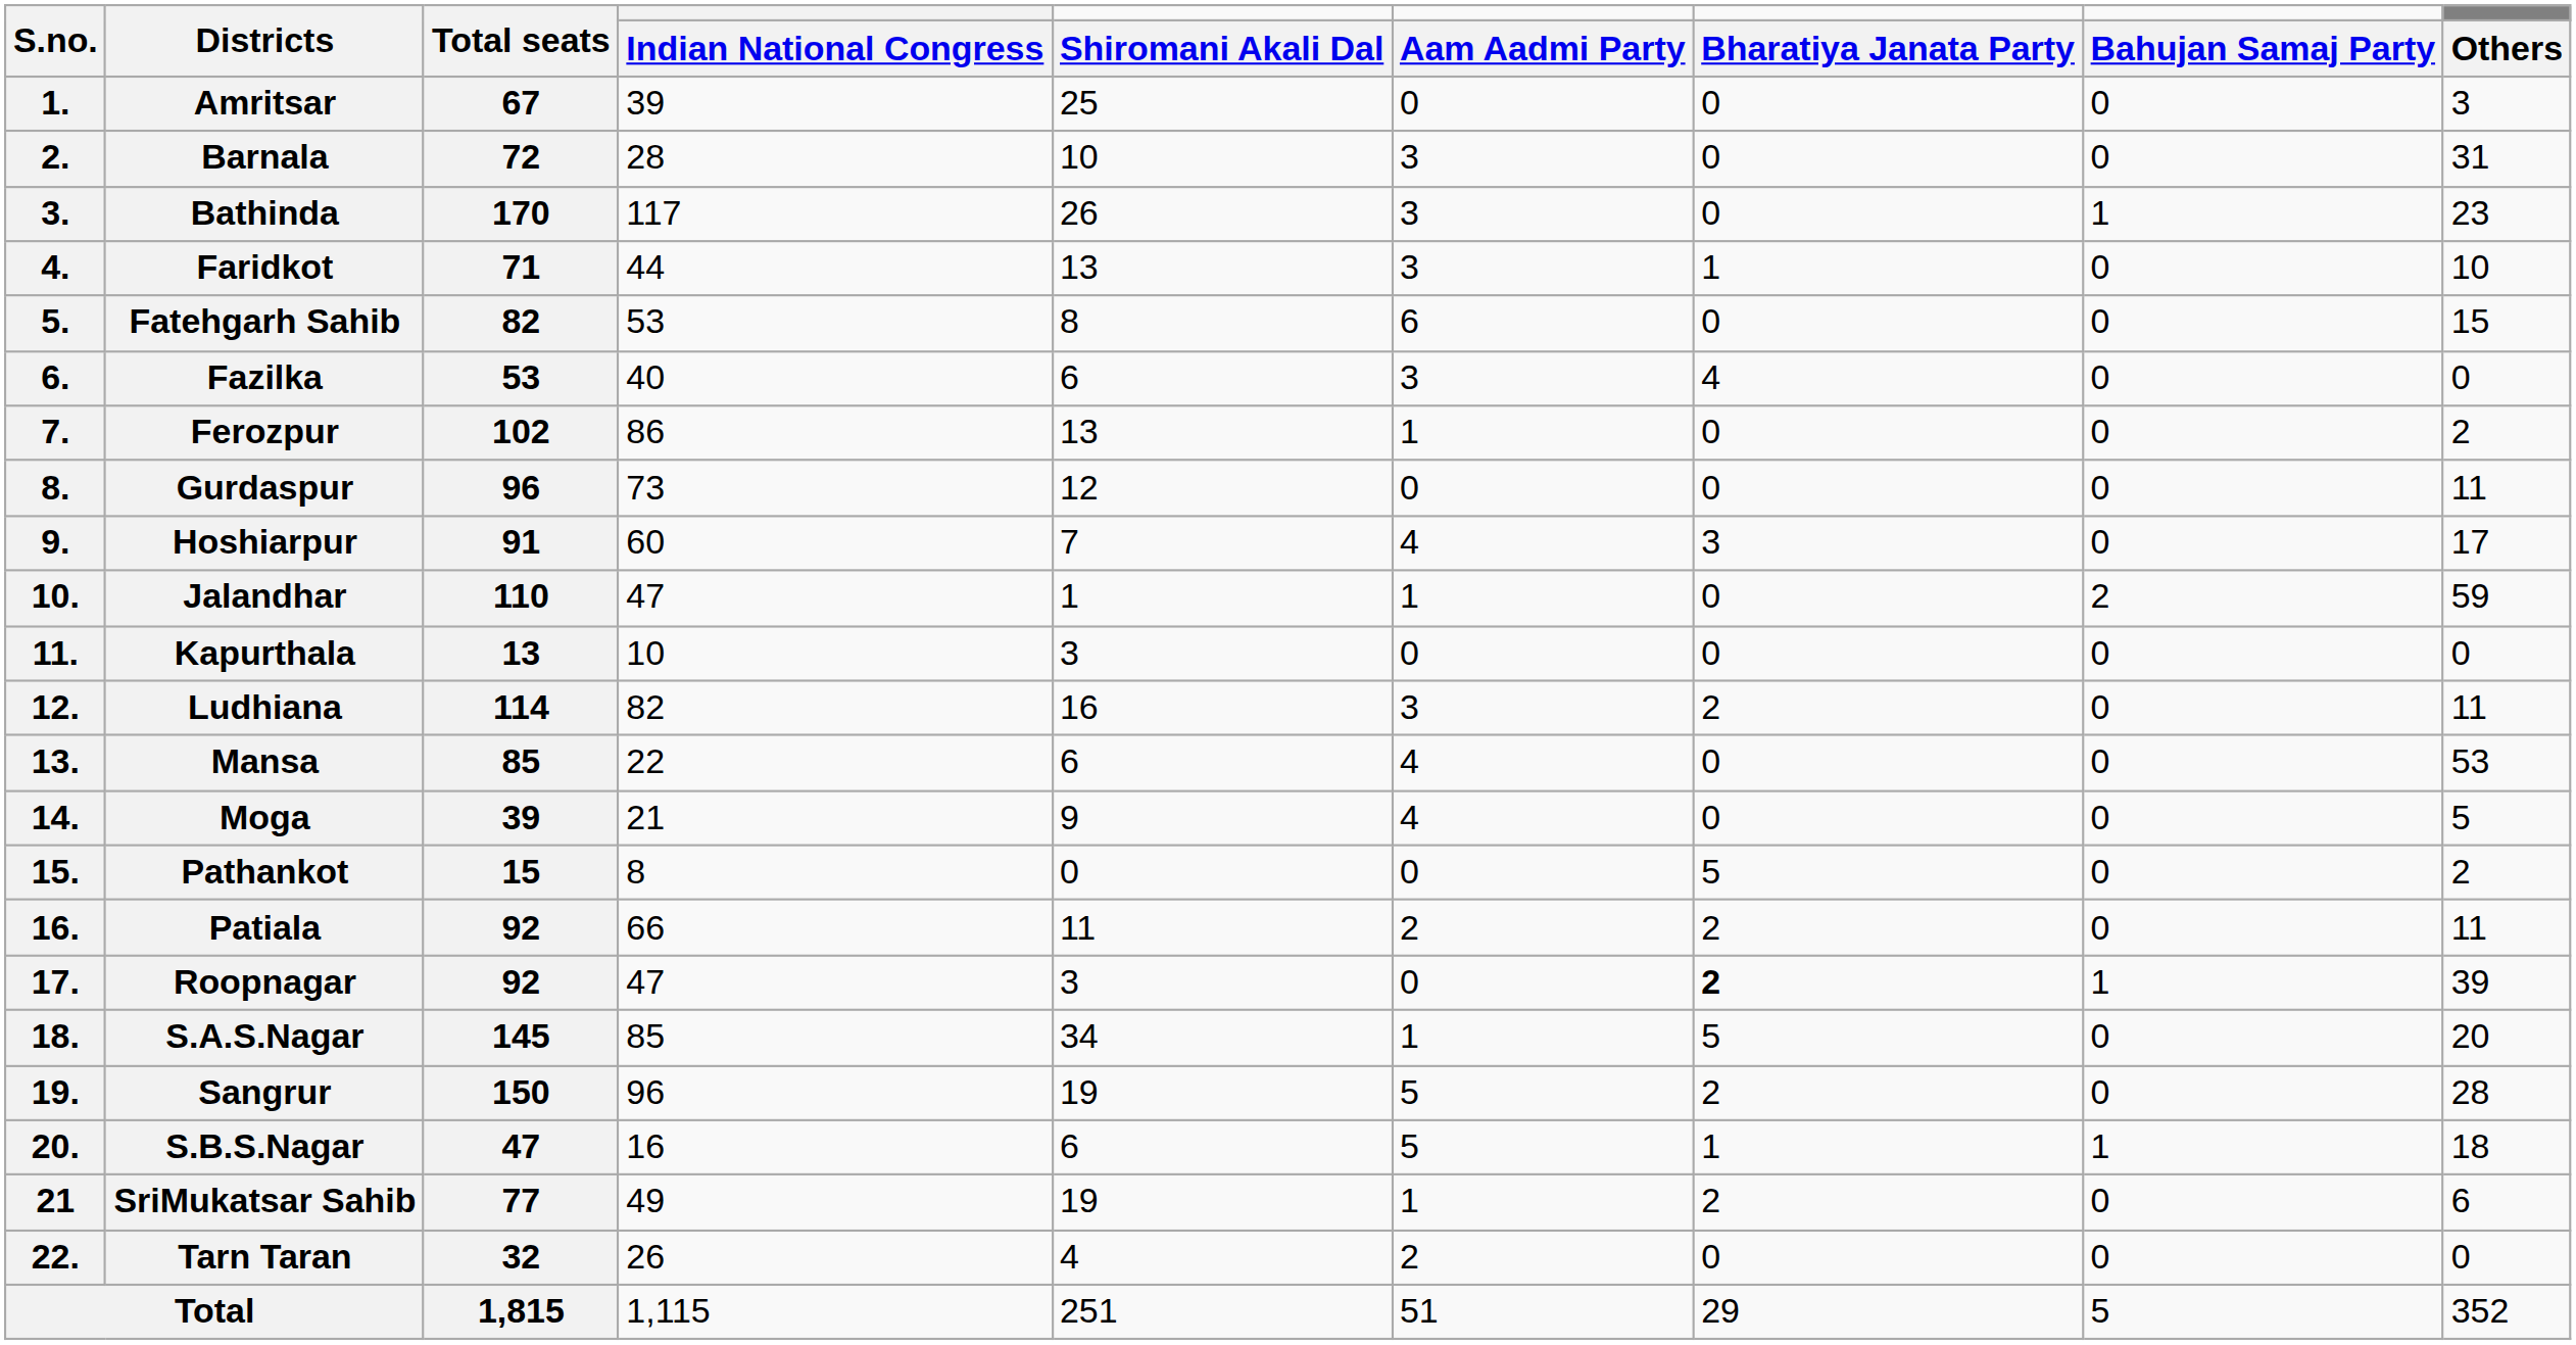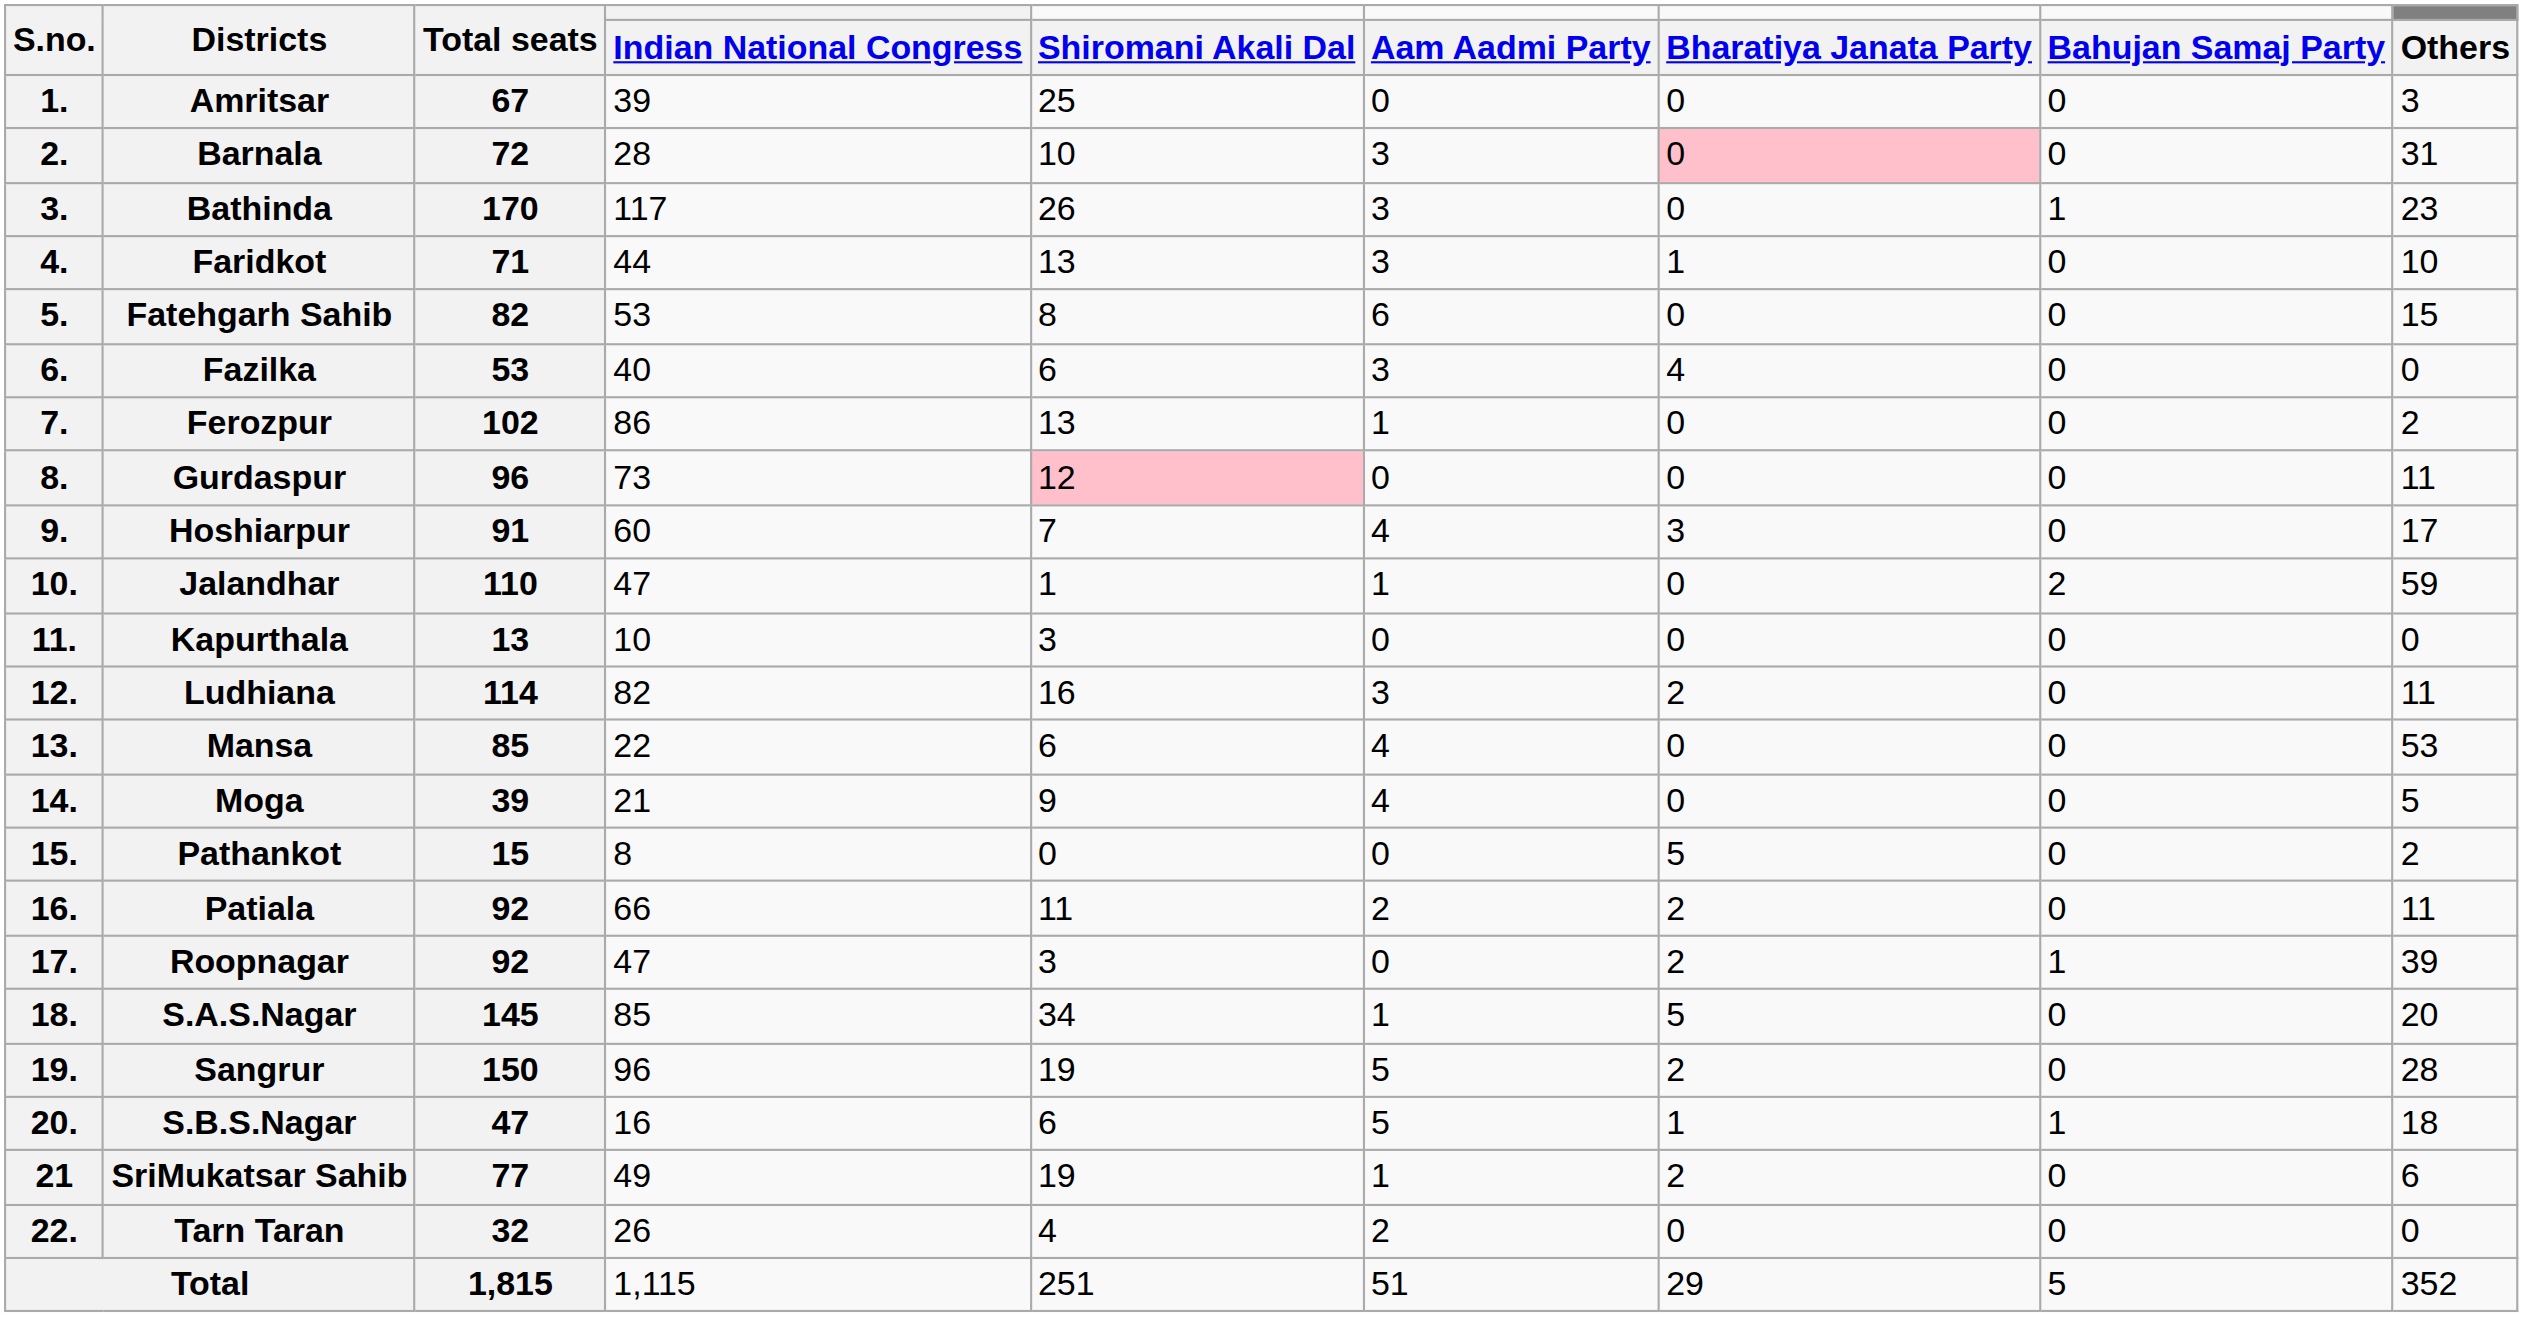 <table class="wikitable sortable">
 <tr>
 <th rowspan="2">S.no.</th>
 <th rowspan="2">Districts</th>
 <th rowspan="2">Total seats</th>
 <th style="background:"></th>
 <td style="background:"></td>
 <td style="background:"></td>
 <td style="background:"></td>
 <td style="background:"></td>
 <td style="background:grey"></td>
 </tr>
 <tr>
 <th> <a href='#'>Indian National Congress</a></th>
 <th> <a href='#'>Shiromani Akali Dal</a></th>
 <th> <a href='#'>Aam Aadmi Party</a></th>
 <th> <a href='#'>Bharatiya Janata Party</a></th>
 <th><a href='#'>Bahujan Samaj Party</a></th>
 <th>Others</th>
 </tr>
 <tr>
 <th>1.</th>
 <th>Amritsar</th>
 <th>67</th>
 <td>39</td>
 <td>25</td>
 <td>0</td>
 <td>0</td>
 <td>0</td>
 <td>3</td>
 </tr>
 <tr>
 <th>2.</th>
 <th>Barnala</th>
 <th>72</th>
 <td>28</td>
 <td>10</td>
 <td>3</td>
-<td>0</td>
+<td style="background: pink;">0</td>
 <td>0</td>
 <td>31</td>
 </tr>
 <tr>
 <th>3.</th>
 <th>Bathinda</th>
 <th>170</th>
 <td>117</td>
 <td>26</td>
 <td>3</td>
 <td>0</td>
 <td>1</td>
 <td>23</td>
 </tr>
 <tr>
 <th>4.</th>
 <th>Faridkot</th>
 <th>71</th>
 <td>44</td>
 <td>13</td>
 <td>3</td>
 <td>1</td>
 <td>0</td>
 <td>10</td>
 </tr>
 <tr>
 <th>5.</th>
 <th>Fatehgarh Sahib</th>
 <th>82</th>
 <td>53</td>
 <td>8</td>
 <td>6</td>
 <td>0</td>
 <td>0</td>
 <td>15</td>
 </tr>
 <tr>
 <th>6.</th>
 <th>Fazilka</th>
 <th>53</th>
 <td>40</td>
 <td>6</td>
 <td>3</td>
 <td>4</td>
 <td>0</td>
 <td>0</td>
 </tr>
 <tr>
 <th>7.</th>
 <th>Ferozpur</th>
 <th>102</th>
 <td>86</td>
 <td>13</td>
 <td>1</td>
 <td>0</td>
 <td>0</td>
 <td>2</td>
 </tr>
 <tr>
 <th>8.</th>
 <th>Gurdaspur</th>
 <th>96</th>
 <td>73</td>
-<td>12</td>
+<td style="background: pink;">12</td>
 <td>0</td>
 <td>0</td>
 <td>0</td>
 <td>11</td>
 </tr>
 <tr>
 <th>9.</th>
 <th>Hoshiarpur</th>
 <th>91</th>
 <td>60</td>
 <td>7</td>
 <td>4</td>
 <td>3</td>
 <td>0</td>
 <td>17</td>
 </tr>
 <tr>
 <th>10.</th>
 <th>Jalandhar</th>
 <th>110</th>
 <td>47</td>
 <td>1</td>
 <td>1</td>
 <td>0</td>
 <td>2</td>
 <td>59</td>
 </tr>
 <tr>
 <th>11.</th>
 <th>Kapurthala</th>
 <th>13</th>
 <td>10</td>
 <td>3</td>
 <td>0</td>
 <td>0</td>
 <td>0</td>
 <td>0</td>
 </tr>
 <tr>
 <th>12.</th>
 <th>Ludhiana</th>
 <th>114</th>
 <td>82</td>
 <td>16</td>
 <td>3</td>
 <td>2</td>
 <td>0</td>
 <td>11</td>
 </tr>
 <tr>
 <th>13.</th>
 <th>Mansa</th>
 <th>85</th>
 <td>22</td>
 <td>6</td>
 <td>4</td>
 <td>0</td>
 <td>0</td>
 <td>53</td>
 </tr>
 <tr>
 <th>14.</th>
 <th>Moga</th>
 <th>39</th>
 <td>21</td>
 <td>9</td>
 <td>4</td>
 <td>0</td>
 <td>0</td>
 <td>5</td>
 </tr>
 <tr>
 <th>15.</th>
 <th>Pathankot</th>
 <th>15</th>
 <td>8</td>
 <td>0</td>
 <td>0</td>
 <td>5</td>
 <td>0</td>
 <td>2</td>
 </tr>
 <tr>
 <th>16.</th>
 <th>Patiala</th>
 <th>92</th>
 <td>66</td>
 <td>11</td>
 <td>2</td>
 <td>2</td>
 <td>0</td>
 <td>11</td>
 </tr>
 <tr>
 <th>17.</th>
 <th>Roopnagar</th>
 <th>92</th>
 <td>47</td>
 <td>3</td>
 <td>0</td>
-<td><strong>2</strong></td>
+<td>2</td>
 <td>1</td>
 <td>39</td>
 </tr>
 <tr>
 <th>18.</th>
 <th>S.A.S.Nagar</th>
 <th>145</th>
 <td>85</td>
 <td>34</td>
 <td>1</td>
 <td>5</td>
 <td>0</td>
 <td>20</td>
 </tr>
 <tr>
 <th>19.</th>
 <th>Sangrur</th>
 <th>150</th>
 <td>96</td>
 <td>19</td>
 <td>5</td>
 <td>2</td>
 <td>0</td>
 <td>28</td>
 </tr>
 <tr>
 <th>20.</th>
 <th>S.B.S.Nagar</th>
 <th>47</th>
 <td>16</td>
 <td>6</td>
 <td>5</td>
 <td>1</td>
 <td>1</td>
 <td>18</td>
 </tr>
 <tr>
 <th>21</th>
 <th>SriMukatsar Sahib</th>
 <th>77</th>
 <td>49</td>
 <td>19</td>
 <td>1</td>
 <td>2</td>
 <td>0</td>
 <td>6</td>
 </tr>
 <tr>
 <th>22.</th>
 <th>Tarn Taran</th>
 <th>32</th>
 <td>26</td>
 <td>4</td>
 <td>2</td>
 <td>0</td>
 <td>0</td>
 <td>0</td>
 </tr>
 <tr>
 <th colspan="2">Total</th>
 <th>1,815</th>
 <td>1,115</td>
 <td>251</td>
 <td>51</td>
 <td>29</td>
 <td>5</td>
 <td>352</td>
 </tr>
 </table>
